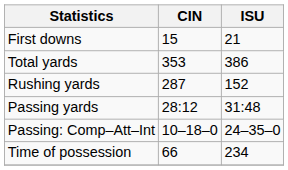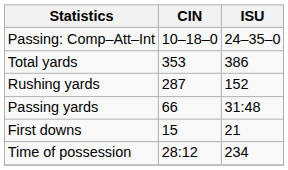 <table class="wikitable" style="float: left;">
 <tr>
 <th>Statistics</th>
 <th>CIN</th>
 <th>ISU</th>
 </tr>
 <tr>
-<td>First downs</td>
-<td>15</td>
-<td>21</td>
+<td>Passing: Comp–Att–Int</td>
+<td>10–18–0</td>
+<td>24–35–0</td>
 </tr>
 <tr>
 <td>Total yards</td>
 <td>353</td>
 <td>386</td>
 </tr>
 <tr>
 <td>Rushing yards</td>
 <td>287</td>
 <td>152</td>
 </tr>
 <tr>
 <td>Passing yards</td>
-<td>28:12</td>
+<td>66</td>
 <td>31:48</td>
 </tr>
 <tr>
-<td>Passing: Comp–Att–Int</td>
-<td>10–18–0</td>
-<td>24–35–0</td>
+<td>First downs</td>
+<td>15</td>
+<td>21</td>
 </tr>
 <tr>
 <td>Time of possession</td>
-<td>66</td>
+<td>28:12</td>
 <td>234</td>
 </tr>
 <tr>
 </tr>
 </table>
